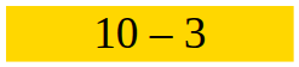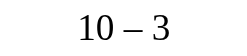 <table style="text-align:center">
 <tr>
 <th width=200></th>
 <th width=100></th>
 <th width=200></th>
 </tr>
 <tr>
 <td align=right><strong></strong></td>
-<td style="background: gold;">10 – 3</td>
+<td>10 – 3</td>
 <td align=left></td>
 </tr>
 </table>
